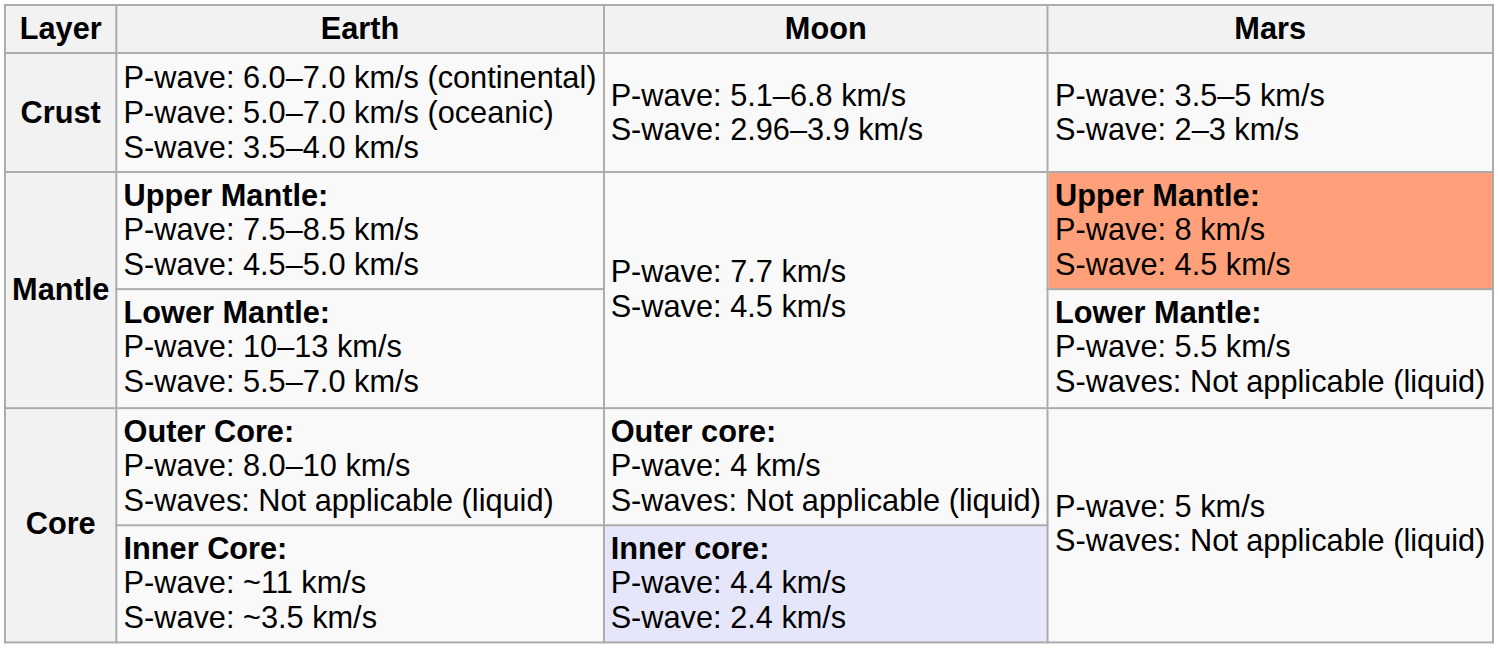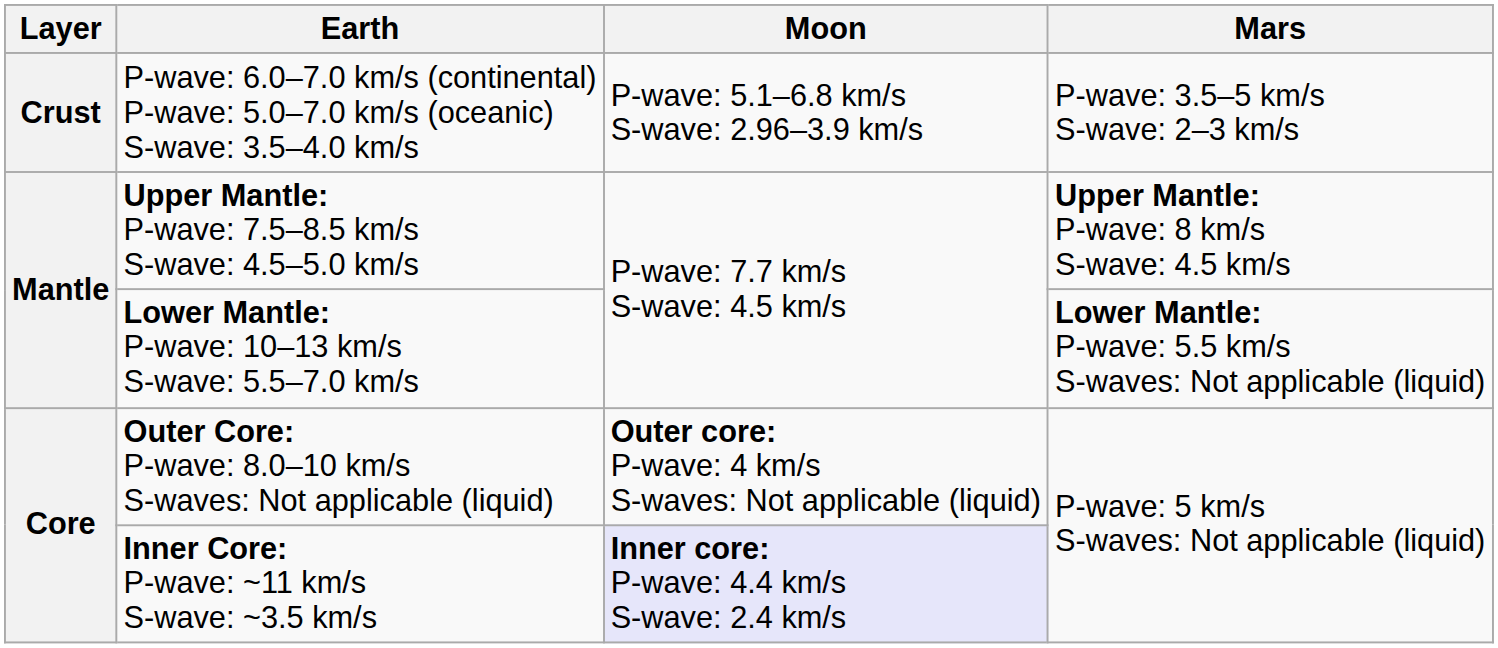 <table class="wikitable">
 <tr>
 <th>Layer</th>
 <th>Earth</th>
 <th>Moon</th>
 <th>Mars</th>
 </tr>
 <tr>
 <th>Crust</th>
 <td>P-wave: 6.0–7.0 km/s (continental)<br>P-wave: 5.0–7.0 km/s (oceanic)<br>S-wave: 3.5–4.0 km/s</td>
 <td>P-wave: 5.1–6.8 km/s<br>S-wave: 2.96–3.9 km/s</td>
 <td>P-wave: 3.5–5 km/s<br>S-wave: 2–3 km/s</td>
 </tr>
 <tr>
 <th rowspan="2">Mantle</th>
 <td><strong>Upper Mantle:</strong><br>P-wave: 7.5–8.5 km/s<br>S-wave: 4.5–5.0 km/s</td>
 <td rowspan="2">P-wave: 7.7 km/s<br>S-wave: 4.5 km/s</td>
-<td style="background: lightsalmon;"><strong>Upper Mantle:</strong><br>P-wave: 8 km/s<br>S-wave: 4.5 km/s</td>
+<td><strong>Upper Mantle:</strong><br>P-wave: 8 km/s<br>S-wave: 4.5 km/s</td>
 </tr>
 <tr>
 <td><strong>Lower Mantle:</strong><br>P-wave: 10–13 km/s<br>S-wave: 5.5–7.0 km/s</td>
 <td><strong>Lower Mantle:</strong><br>P-wave: 5.5 km/s<br>S-waves: Not applicable (liquid)</td>
 </tr>
 <tr>
 <th rowspan="2">Core</th>
 <td><strong>Outer Core:</strong><br>P-wave: 8.0–10 km/s<br>S-waves: Not applicable (liquid)</td>
 <td><strong>Outer core:</strong><br>P-wave: 4 km/s<br>S-waves: Not applicable (liquid)</td>
 <td rowspan="2">P-wave: 5 km/s<br>S-waves: Not applicable (liquid)</td>
 </tr>
 <tr>
 <td><strong>Inner Core:</strong><br>P-wave: ~11 km/s<br>S-wave: ~3.5 km/s</td>
 <td style="background: lavender;"><strong>Inner core:</strong><br>P-wave: 4.4 km/s<br>S-wave: 2.4 km/s</td>
 </tr>
 </table>
